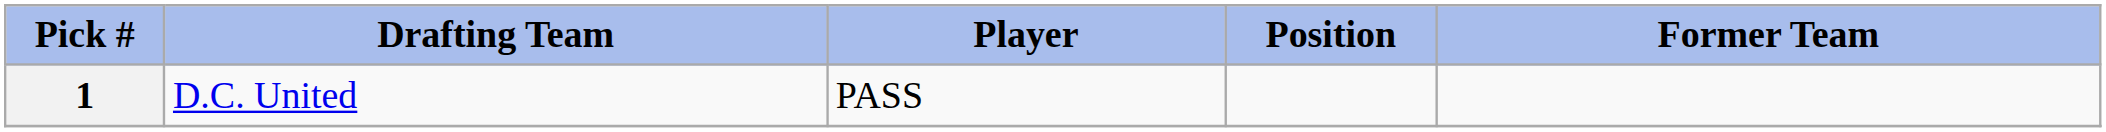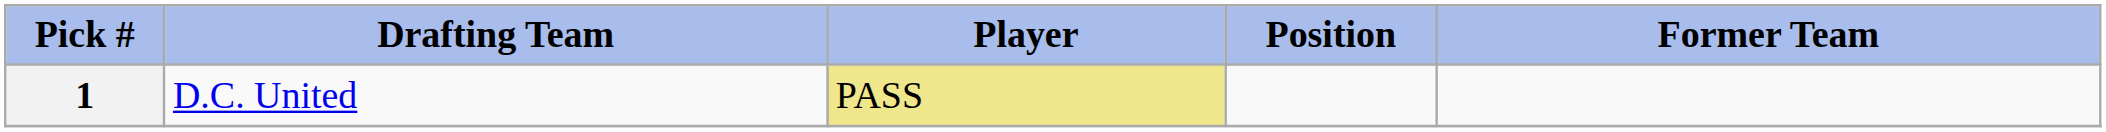 <table class="wikitable sortable" style="width: 70%">
 <tr>
 <th style="background:#A8BDEC;" width=6%>Pick #</th>
 <th width=25% style="background:#A8BDEC;">Drafting Team</th>
 <th width=15% style="background:#A8BDEC;">Player</th>
 <th width=8% style="background:#A8BDEC;">Position</th>
 <th width=25% style="background:#A8BDEC;">Former Team</th>
 </tr>
 <tr>
 <th>1</th>
 <td><a href='#'>D.C. United</a></td>
-<td>PASS</td>
+<td style="background: khaki;">PASS</td>
 <td></td>
 <td></td>
 </tr>
 <tr>
 </tr>
 </table>
